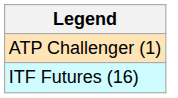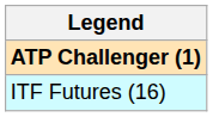 <table class=wikitable style=font-size:97%>
 <tr>
 <th>Legend</th>
 </tr>
 <tr bgcolor=moccasin>
-<td>ATP Challenger (1)</td>
+<td><strong>ATP Challenger (1)</strong></td>
 </tr>
 <tr bgcolor=cffcff>
 <td>ITF Futures (16)</td>
 </tr>
 </table>
